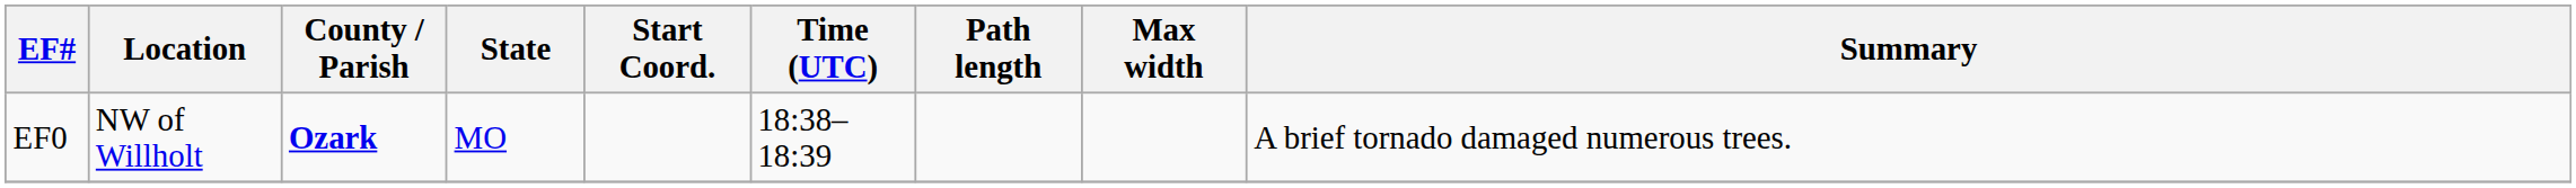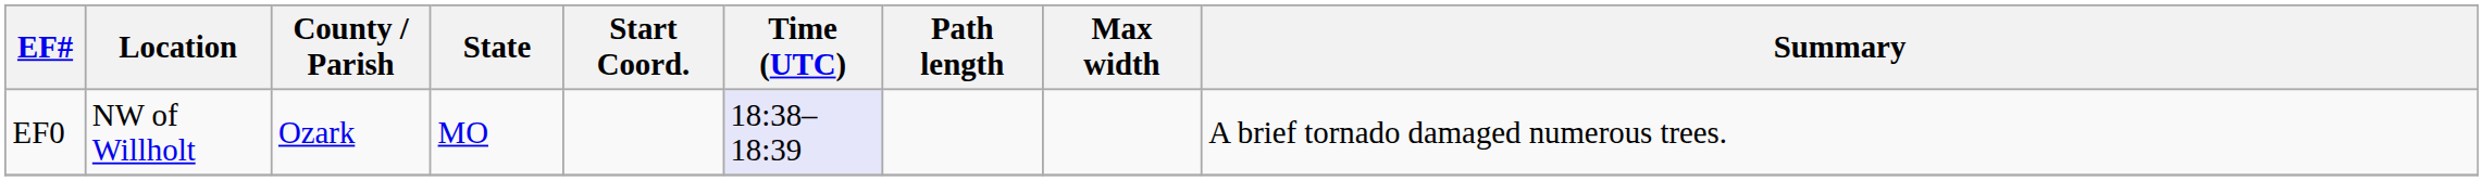 <table class="wikitable sortable" style="width:100%;">
 <tr>
 <th scope="col"  style="width:3%; text-align:center;"><a href='#'>EF#</a></th>
 <th scope="col"  style="width:7%; text-align:center;" class="unsortable">Location</th>
 <th scope="col"  style="width:6%; text-align:center;" class="unsortable">County / Parish</th>
 <th scope="col"  style="width:5%; text-align:center;">State</th>
 <th scope="col"  style="width:6%; text-align:center;">Start Coord.</th>
 <th scope="col"  style="width:6%; text-align:center;">Time (<a href='#'>UTC</a>)</th>
 <th scope="col"  style="width:6%; text-align:center;">Path length</th>
 <th scope="col"  style="width:6%; text-align:center;">Max width</th>
 <th scope="col" class="unsortable" style="width:48%; text-align:center;">Summary</th>
 </tr>
 <tr>
 <td>EF0</td>
 <td>NW of <a href='#'>Willholt</a></td>
-<td><strong><a href='#'>Ozark</a></strong></td>
+<td><a href='#'>Ozark</a></td>
 <td><a href='#'>MO</a></td>
 <td></td>
-<td>18:38–18:39</td>
+<td style="background: lavender;">18:38–18:39</td>
 <td></td>
 <td></td>
 <td>A brief tornado damaged numerous trees.</td>
 </tr>
 <tr>
 </tr>
 </table>
